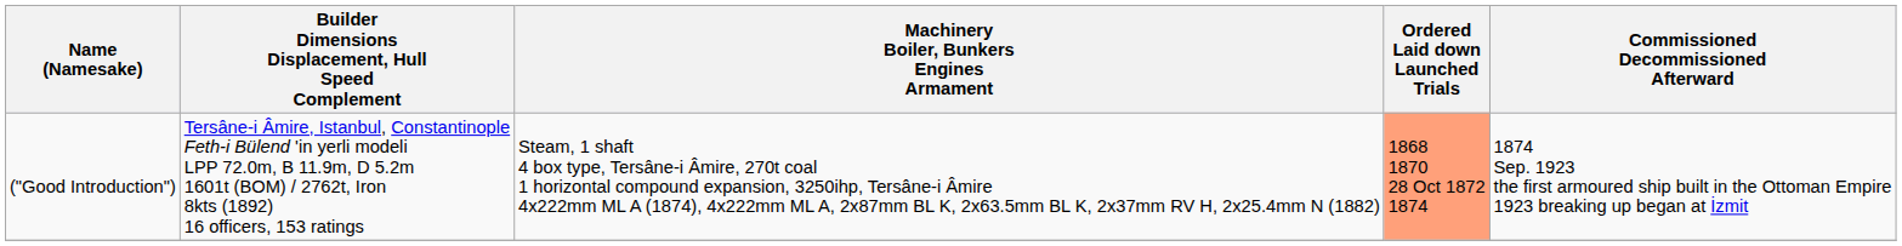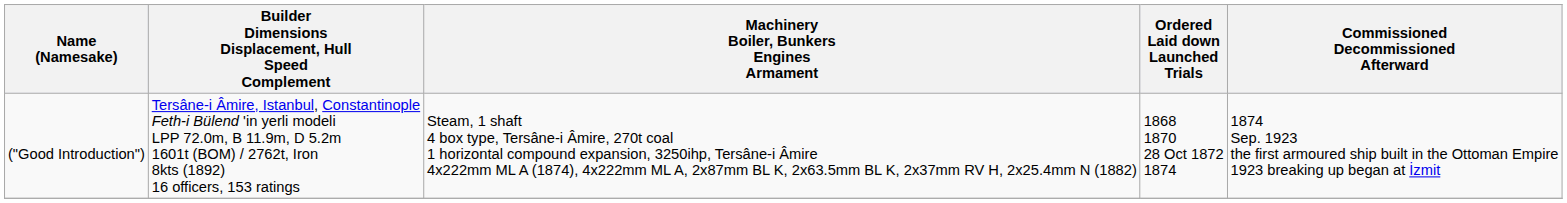 <table class="wikitable" style="font-size:90%;">
 <tr bgcolor="#e6e9ff">
 <th>Name<br>(Namesake)</th>
 <th>Builder<br>Dimensions<br>Displacement, Hull<br>Speed<br>Complement</th>
 <th>Machinery<br>Boiler, Bunkers<br>Engines<br>Armament</th>
 <th>Ordered<br>Laid down<br>Launched<br>Trials</th>
 <th>Commissioned<br>Decommissioned<br>Afterward</th>
 </tr>
 <tr ---->
 <td><br>("Good Introduction")</td>
 <td> <a href='#'>Tersâne-i Âmire, Istanbul</a>, <a href='#'>Constantinople</a><br><em>Feth-i Bülend</em> 'in yerli modeli<br>LPP 72.0m, B 11.9m, D 5.2m<br>1601t (BOM) / 2762t, Iron<br>8kts (1892)<br>16 officers, 153 ratings</td>
 <td>Steam, 1 shaft<br>4 box type, Tersâne-i Âmire, 270t coal<br>1 horizontal compound expansion, 3250ihp, Tersâne-i Âmire<br>4x222mm ML A (1874), 4x222mm ML A, 2x87mm BL K, 2x63.5mm BL K, 2x37mm RV H, 2x25.4mm N (1882)</td>
-<td style="background: lightsalmon;">1868<br>1870<br>28 Oct 1872<br>1874</td>
+<td>1868<br>1870<br>28 Oct 1872<br>1874</td>
 <td>1874<br>Sep. 1923<br>the first armoured ship built in the Ottoman Empire<br>1923 breaking up began at <a href='#'>İzmit</a></td>
 </tr>
 <tr ---->
 </tr>
 </table>
